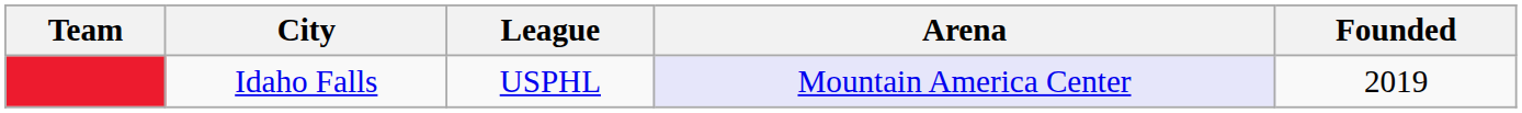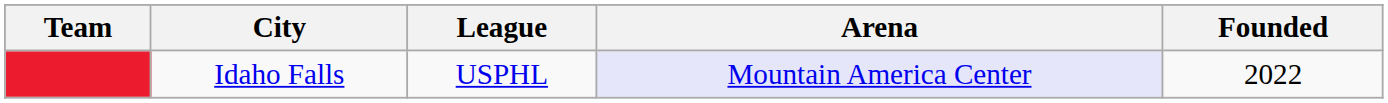 <table class="wikitable sortable" width="60%">
 <tr>
 <th>Team</th>
 <th>City</th>
 <th>League</th>
 <th>Arena</th>
 <th>Founded</th>
 </tr>
 <tr align=center>
 <td style="color:white; background:#ed1b2e; "><strong><a href='#'></a></strong></td>
 <td><a href='#'>Idaho Falls</a></td>
 <td><a href='#'>USPHL</a></td>
 <td style="background: lavender;"><a href='#'>Mountain America Center</a></td>
-<td>2019</td>
+<td>2022</td>
 </tr>
 </table>
